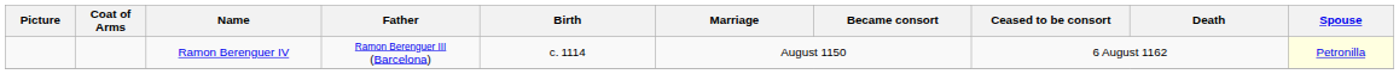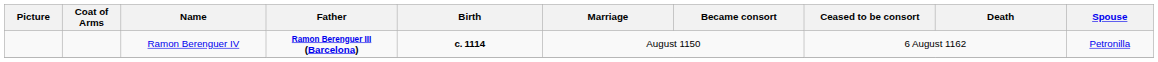 <table width=95% class="wikitable">
 <tr>
 <th width = "4%">Picture</th>
 <th width = "4%">Coat of Arms</th>
 <th width = "10%">Name</th>
 <th width = "9%">Father</th>
 <th width = "10%">Birth</th>
 <th width = "9%">Marriage</th>
 <th width = "9%">Became consort</th>
 <th width = "9%">Ceased to be consort</th>
 <th width = "9%">Death</th>
 <th width = "6%"><a href='#'>Spouse</a></th>
 </tr>
 <tr>
 <td align="center"></td>
 <td align="center"></td>
 <td align="center"><a href='#'>Ramon Berenguer IV</a></td>
-<td align="center"><small><a href='#'>Ramon Berenguer III</a></small><br> (<a href='#'>Barcelona</a>)</td>
-<td align="center">c. 1114</td>
+<td align="center"><strong><small><a href='#'>Ramon Berenguer III</a></small><br> (<a href='#'>Barcelona</a>)</strong></td>
+<td align="center"><strong>c. 1114</strong></td>
 <td align="center" colspan="2">August 1150</td>
 <td align="center" colspan="2">6 August 1162</td>
-<td align="center" style="background: lightyellow;"><a href='#'>Petronilla</a></td>
+<td align="center"><a href='#'>Petronilla</a></td>
 </tr>
 <tr>
 </tr>
 </table>
